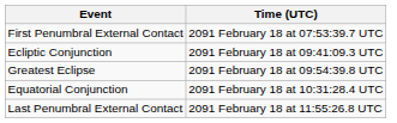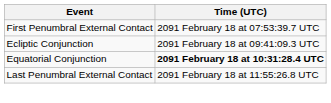 <table class="wikitable">
 <tr>
 <th>Event</th>
 <th>Time (UTC)</th>
 </tr>
 <tr>
 <td>First Penumbral External Contact</td>
 <td>2091 February 18 at 07:53:39.7 UTC</td>
 </tr>
 <tr>
 <td>Ecliptic Conjunction</td>
 <td>2091 February 18 at 09:41:09.3 UTC</td>
 </tr>
 <tr>
-<td>Greatest Eclipse</td>
-<td>2091 February 18 at 09:54:39.8 UTC</td>
-</tr>
-<tr>
 <td>Equatorial Conjunction</td>
-<td>2091 February 18 at 10:31:28.4 UTC</td>
+<td><strong>2091 February 18 at 10:31:28.4 UTC</strong></td>
 </tr>
 <tr>
 <td>Last Penumbral External Contact</td>
 <td>2091 February 18 at 11:55:26.8 UTC</td>
 </tr>
 </table>
